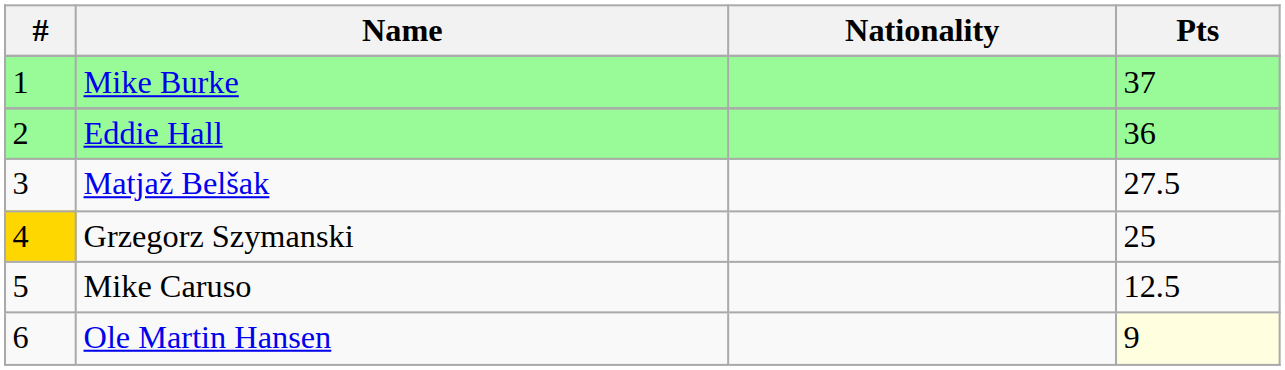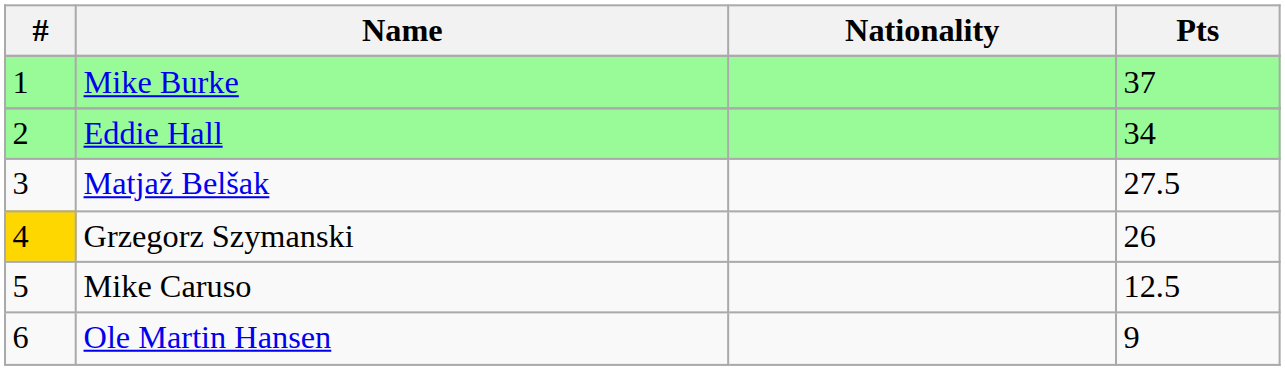 <table class="wikitable" style="display: inline-table; width: 50%;">
 <tr>
 <th>#</th>
 <th>Name</th>
 <th>Nationality</th>
 <th>Pts</th>
 </tr>
 <tr>
 </tr>
 <tr style="background:palegreen">
 <td>1</td>
 <td><a href='#'>Mike Burke</a></td>
 <td></td>
 <td>37</td>
 </tr>
 <tr>
 </tr>
 <tr style="background:palegreen">
 <td>2</td>
 <td><a href='#'>Eddie Hall</a></td>
 <td></td>
-<td>36</td>
+<td>34</td>
 </tr>
 <tr>
 <td>3</td>
 <td><a href='#'>Matjaž Belšak</a></td>
 <td></td>
 <td>27.5</td>
 </tr>
 <tr>
 <td style="background: gold;">4</td>
 <td>Grzegorz Szymanski</td>
 <td></td>
-<td>25</td>
+<td>26</td>
 </tr>
 <tr>
 <td>5</td>
 <td>Mike Caruso</td>
 <td></td>
 <td>12.5</td>
 </tr>
 <tr>
 <td>6</td>
 <td><a href='#'>Ole Martin Hansen</a></td>
 <td></td>
-<td style="background: lightyellow;">9</td>
+<td>9</td>
 </tr>
 </table>
